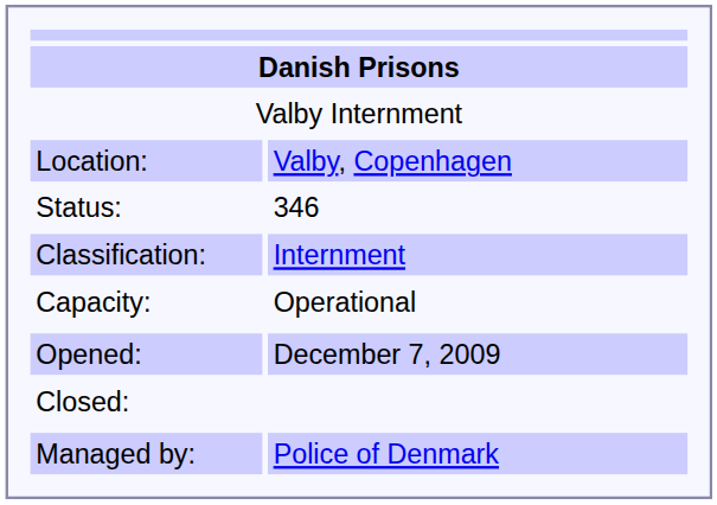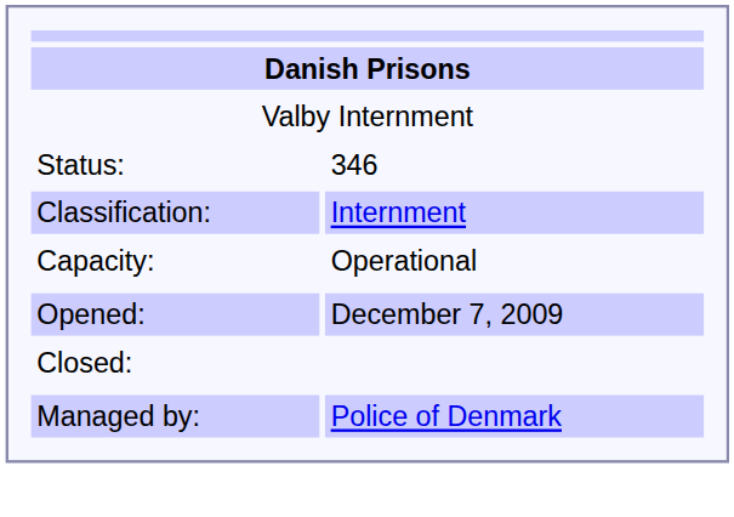 <table cellpadding=2 cellspacing=2 align=right width=256px style="font-family: verdana, sans-serif; padding: 6px; margin: 0 0 1em 1em; font-size: 10px; background-color: #f7f8ff; border:1px solid #8888aa;">
 <tr>
 <td style="background: #ccf; text-align: center;" colspan="2"></td>
 </tr>
 <tr style=background:#ccccff>
 <td align=center colspan=2><span><strong>Danish Prisons</strong></span></td>
 </tr>
 <tr>
 <td align=center colspan=2>Valby Internment</td>
-</tr>
-<tr style=background:#ccccff>
-<td style=width:80px>Location:</td>
-<td><a href='#'>Valby</a>, <a href='#'>Copenhagen</a></td>
 </tr>
 <tr>
 <td>Status:</td>
 <td>346</td>
 </tr>
 <tr style=background:#ccccff>
 <td>Classification:</td>
 <td><a href='#'>Internment</a></td>
 </tr>
 <tr>
 <td>Capacity:</td>
 <td>Operational</td>
 </tr>
 <tr>
 </tr>
 <tr style=background:#ccccff>
 <td>Opened:</td>
 <td>December 7, 2009</td>
 </tr>
 <tr>
 <td>Closed:</td>
 <td></td>
 </tr>
 <tr>
 </tr>
 <tr style=background:#ccccff>
 <td>Managed by:</td>
 <td><a href='#'>Police of Denmark</a></td>
 </tr>
 </table>
